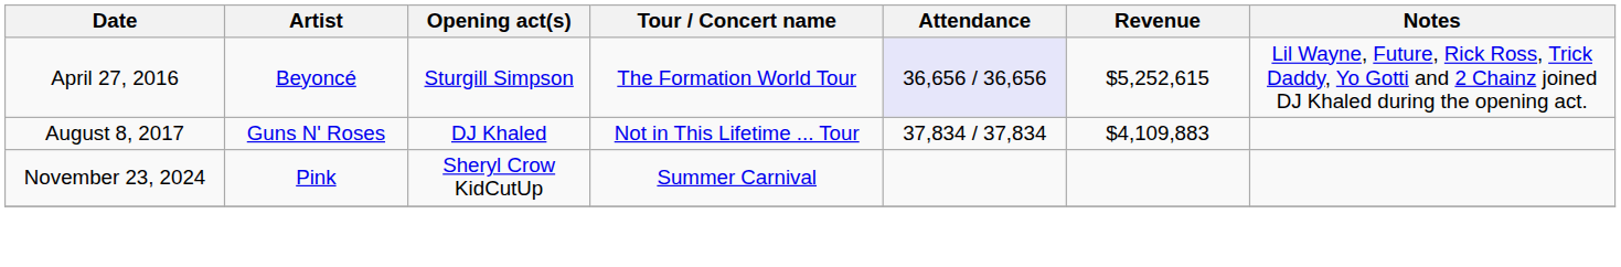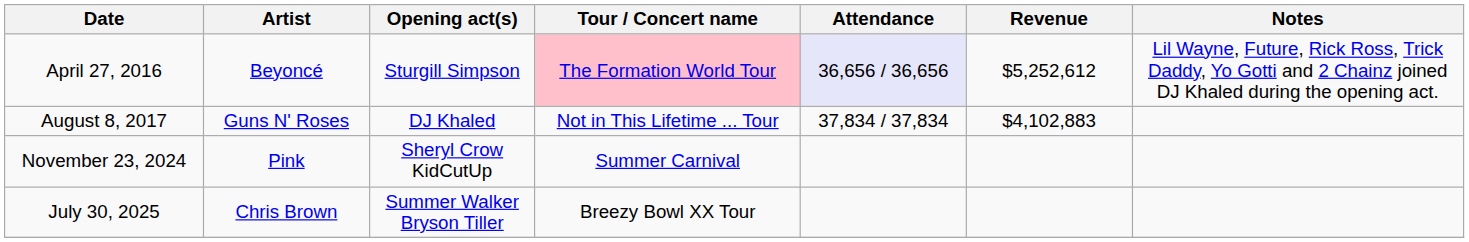 <table class="wikitable" style="text-align:center;">
 <tr>
 <th width=12% style="text-align:center;">Date</th>
 <th width=10% style="text-align:center;">Artist</th>
 <th width=10% style="text-align:center;">Opening act(s)</th>
 <th width=16% style="text-align:center;">Tour / Concert name</th>
 <th width=10% style="text-align:center;">Attendance</th>
 <th width=10% style="text-align:center;">Revenue</th>
 <th width=20% style="text-align:center;">Notes</th>
 </tr>
 <tr>
 <td>April 27, 2016</td>
 <td><a href='#'>Beyoncé</a></td>
 <td><a href='#'>Sturgill Simpson</a></td>
-<td><a href='#'>The Formation World Tour</a></td>
+<td style="background: pink;"><a href='#'>The Formation World Tour</a></td>
 <td style="background: lavender;">36,656 / 36,656</td>
-<td>$5,252,615</td>
+<td>$5,252,612</td>
 <td><a href='#'>Lil Wayne</a>, <a href='#'>Future</a>, <a href='#'>Rick Ross</a>, <a href='#'>Trick Daddy</a>, <a href='#'>Yo Gotti</a> and <a href='#'>2 Chainz</a> joined DJ Khaled during the opening act.</td>
 </tr>
 <tr>
 <td>August 8, 2017</td>
 <td><a href='#'>Guns N' Roses</a></td>
 <td><a href='#'>DJ Khaled</a></td>
 <td><a href='#'>Not in This Lifetime ... Tour</a></td>
 <td>37,834 / 37,834</td>
-<td>$4,109,883</td>
+<td>$4,102,883</td>
 <td></td>
 </tr>
 <tr>
 <td>November 23, 2024</td>
 <td><a href='#'>Pink</a></td>
 <td><a href='#'>Sheryl Crow</a><br>KidCutUp</td>
 <td><a href='#'>Summer Carnival</a></td>
 <td></td>
 <td></td>
 <td></td>
 </tr>
 <tr>
+<td>July 30, 2025</td>
+<td><a href='#'>Chris Brown</a></td>
+<td><a href='#'>Summer Walker</a><br><a href='#'>Bryson Tiller</a></td>
+<td>Breezy Bowl XX Tour</td>
+<td></td>
+<td></td>
+<td></td>
+</tr>
+<tr>
 </tr>
 </table>
